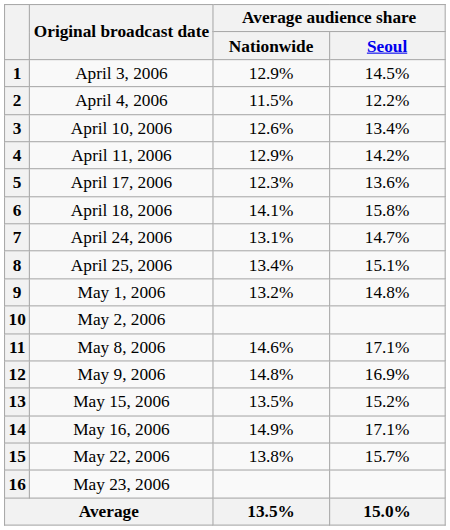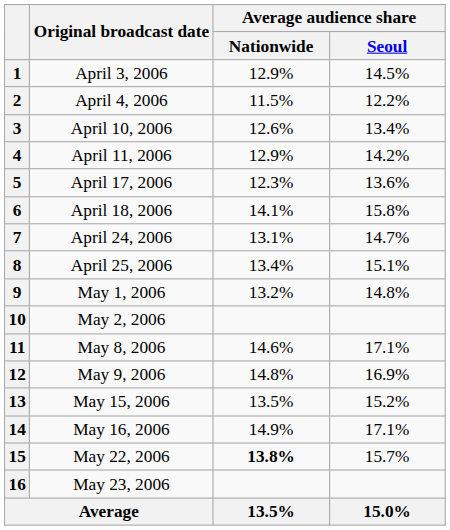 <table class="wikitable" style="text-align:center">
 <tr>
 <th rowspan=2></th>
 <th rowspan=2>Original broadcast date</th>
 <th colspan=2>Average audience share</th>
 </tr>
 <tr>
 <th width=100>Nationwide</th>
 <th width=100><a href='#'>Seoul</a></th>
 </tr>
 <tr>
 <th>1</th>
 <td>April 3, 2006</td>
 <td>12.9%</td>
 <td>14.5%</td>
 </tr>
 <tr>
 <th>2</th>
 <td>April 4, 2006</td>
 <td>11.5%</td>
 <td>12.2%</td>
 </tr>
 <tr>
 <th>3</th>
 <td>April 10, 2006</td>
 <td>12.6%</td>
 <td>13.4%</td>
 </tr>
 <tr>
 <th>4</th>
 <td>April 11, 2006</td>
 <td>12.9%</td>
 <td>14.2%</td>
 </tr>
 <tr>
 <th>5</th>
 <td>April 17, 2006</td>
 <td>12.3%</td>
 <td>13.6%</td>
 </tr>
 <tr>
 <th>6</th>
 <td>April 18, 2006</td>
 <td>14.1%</td>
 <td>15.8%</td>
 </tr>
 <tr>
 <th>7</th>
 <td>April 24, 2006</td>
 <td>13.1%</td>
 <td>14.7%</td>
 </tr>
 <tr>
 <th>8</th>
 <td>April 25, 2006</td>
 <td>13.4%</td>
 <td>15.1%</td>
 </tr>
 <tr>
 <th>9</th>
 <td>May 1, 2006</td>
 <td>13.2%</td>
 <td>14.8%</td>
 </tr>
 <tr>
 <th>10</th>
 <td>May 2, 2006</td>
 <td></td>
 <td></td>
 </tr>
 <tr>
 <th>11</th>
 <td>May 8, 2006</td>
 <td>14.6%</td>
 <td>17.1%</td>
 </tr>
 <tr>
 <th>12</th>
 <td>May 9, 2006</td>
 <td>14.8%</td>
 <td>16.9%</td>
 </tr>
 <tr>
 <th>13</th>
 <td>May 15, 2006</td>
 <td>13.5%</td>
 <td>15.2%</td>
 </tr>
 <tr>
 <th>14</th>
 <td>May 16, 2006</td>
 <td>14.9%</td>
 <td>17.1%</td>
 </tr>
 <tr>
 <th>15</th>
 <td>May 22, 2006</td>
-<td>13.8%</td>
+<td><strong>13.8%</strong></td>
 <td>15.7%</td>
 </tr>
 <tr>
 <th>16</th>
 <td>May 23, 2006</td>
 <td></td>
 <td></td>
 </tr>
 <tr>
 <th colspan=2>Average</th>
 <th>13.5%</th>
 <th>15.0%</th>
 </tr>
 </table>
